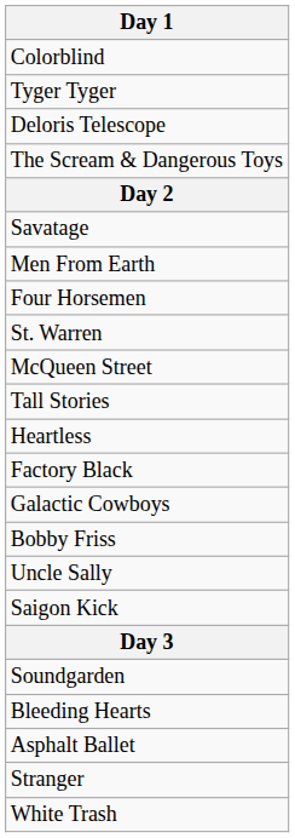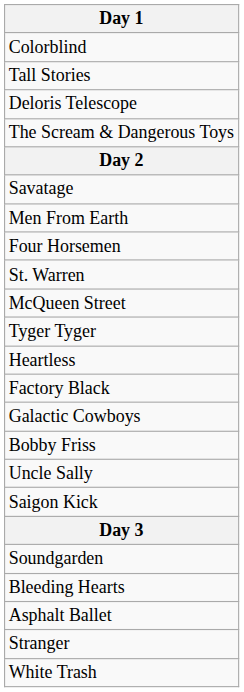 <table class="wikitable">
 <tr>
 <th>Day 1</th>
 </tr>
 <tr>
 <td>Colorblind</td>
 </tr>
 <tr>
-<td>Tyger Tyger</td>
+<td>Tall Stories</td>
 </tr>
 <tr>
 <td>Deloris Telescope</td>
 </tr>
 <tr>
 <td>The Scream & Dangerous Toys</td>
 </tr>
 <tr>
 <th>Day 2</th>
 </tr>
 <tr>
 <td>Savatage</td>
 </tr>
 <tr>
 <td>Men From Earth</td>
 </tr>
 <tr>
 <td>Four Horsemen</td>
 </tr>
 <tr>
 <td>St. Warren</td>
 </tr>
 <tr>
 <td>McQueen Street</td>
 </tr>
 <tr>
-<td>Tall Stories</td>
+<td>Tyger Tyger</td>
 </tr>
 <tr>
 <td>Heartless</td>
 </tr>
 <tr>
 <td>Factory Black</td>
 </tr>
 <tr>
 <td>Galactic Cowboys</td>
 </tr>
 <tr>
 <td>Bobby Friss</td>
 </tr>
 <tr>
 <td>Uncle Sally</td>
 </tr>
 <tr>
 <td>Saigon Kick</td>
 </tr>
 <tr>
 <th>Day 3</th>
 </tr>
 <tr>
 <td>Soundgarden</td>
 </tr>
 <tr>
 <td>Bleeding Hearts</td>
 </tr>
 <tr>
 <td>Asphalt Ballet</td>
 </tr>
 <tr>
 <td>Stranger</td>
 </tr>
 <tr>
 <td>White Trash</td>
 </tr>
 </table>
